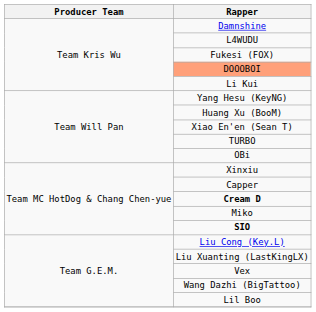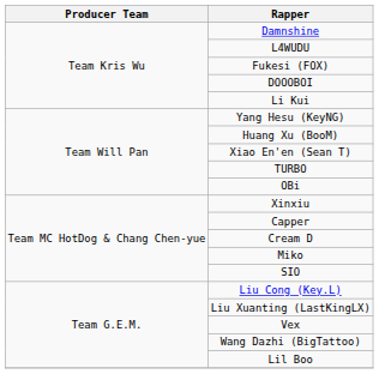 <table class="wikitable" style="text-align:center" border="2">
 <tr>
 <th>Producer Team</th>
 <th>Rapper</th>
 </tr>
 <tr>
 <td rowspan="5">Team Kris Wu</td>
 <td><a href='#'>Damnshine</a></td>
 </tr>
 <tr>
 <td>L4WUDU</td>
 </tr>
 <tr>
 <td>Fukesi (FOX)</td>
 </tr>
 <tr>
-<td style="background: lightsalmon;">DOOOBOI</td>
+<td>DOOOBOI</td>
 </tr>
 <tr>
 <td>Li Kui</td>
 </tr>
 <tr>
 <td rowspan="5">Team Will Pan</td>
 <td>Yang Hesu (KeyNG)</td>
 </tr>
 <tr>
 <td>Huang Xu (BooM)</td>
 </tr>
 <tr>
 <td>Xiao En'en (Sean T)</td>
 </tr>
 <tr>
 <td>TURBO</td>
 </tr>
 <tr>
 <td>OBi</td>
 </tr>
 <tr>
 <td rowspan="5">Team MC HotDog & Chang Chen-yue</td>
 <td>Xinxiu</td>
 </tr>
 <tr>
 <td>Capper</td>
 </tr>
 <tr>
-<td><strong>Cream D</strong></td>
+<td>Cream D</td>
 </tr>
 <tr>
 <td>Miko</td>
 </tr>
 <tr>
-<td><strong>SIO</strong></td>
+<td>SIO</td>
 </tr>
 <tr>
 <td rowspan="5">Team G.E.M.</td>
 <td><a href='#'>Liu Cong (Key.L)</a></td>
 </tr>
 <tr>
 <td>Liu Xuanting (LastKingLX)</td>
 </tr>
 <tr>
 <td>Vex</td>
 </tr>
 <tr>
 <td>Wang Dazhi (BigTattoo)</td>
 </tr>
 <tr>
 <td>Lil Boo</td>
 </tr>
 <tr>
 </tr>
 </table>
